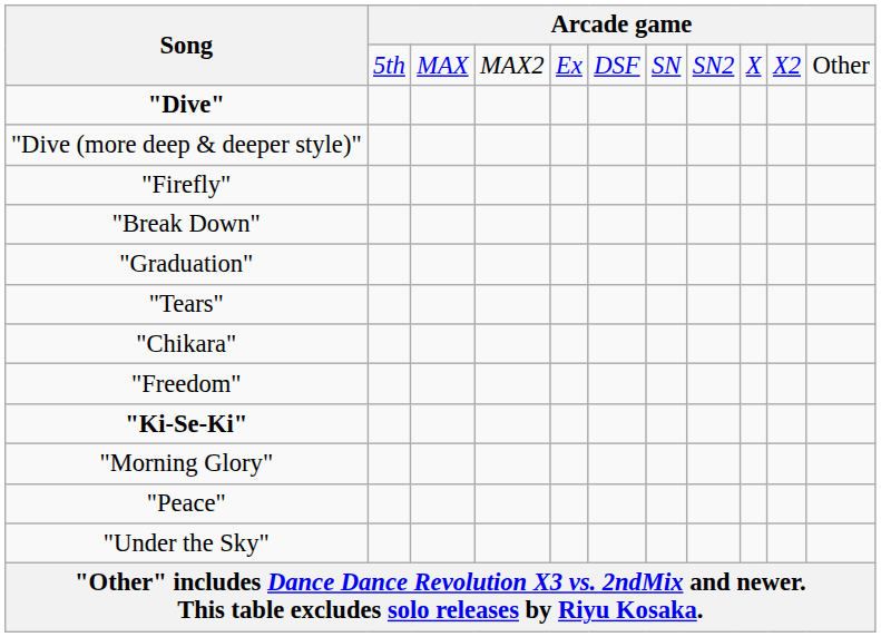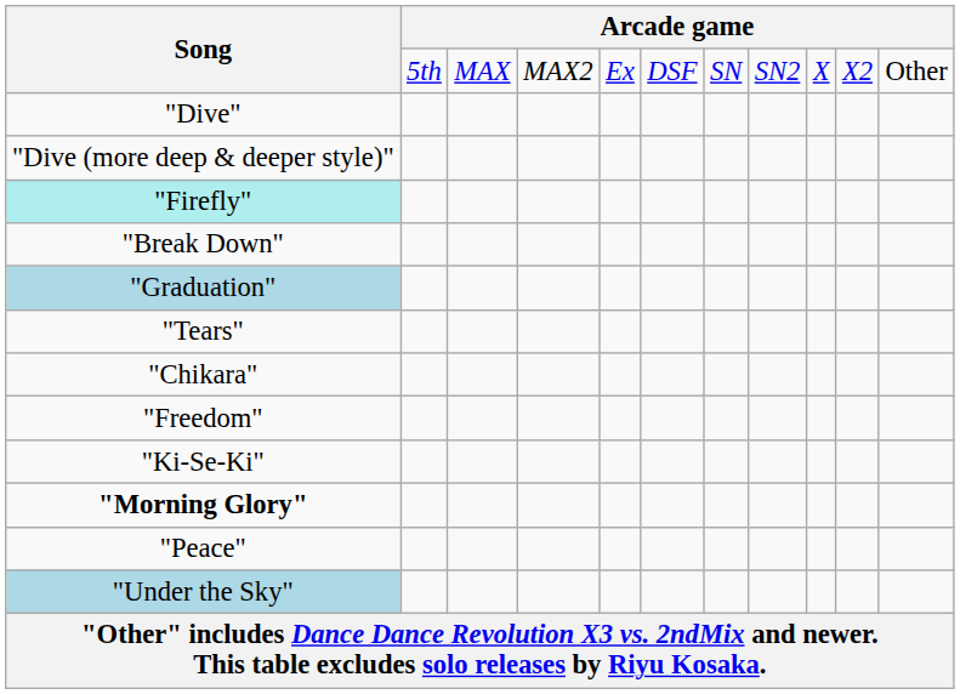 <table class="wikitable" style="text-align:center">
 <tr>
 <th rowspan="2">Song</th>
 <th colspan="15">Arcade game</th>
 </tr>
 <tr>
 <td><em><a href='#'>5th</a></em></td>
 <td><em><a href='#'>MAX</a></em></td>
 <td><em>MAX2</em></td>
 <td><em><a href='#'>Ex</a></em></td>
 <td><em><a href='#'>DSF</a></em></td>
 <td><em><a href='#'>SN</a></em></td>
 <td><em><a href='#'>SN2</a></em></td>
 <td><em><a href='#'>X</a></em></td>
 <td><em><a href='#'>X2</a></em></td>
 <td>Other</td>
 </tr>
 <tr>
-<td><strong>"Dive"</strong></td>
+<td>"Dive"</td>
 <td></td>
 <td></td>
 <td></td>
 <td></td>
 <td></td>
 <td></td>
 <td></td>
 <td></td>
 <td></td>
 <td></td>
 </tr>
 <tr>
 <td>"Dive (more deep & deeper style)"</td>
 <td></td>
 <td></td>
 <td></td>
 <td></td>
 <td></td>
 <td></td>
 <td></td>
 <td></td>
 <td></td>
 <td></td>
 </tr>
 <tr>
-<td>"Firefly"</td>
+<td style="background: paleturquoise;">"Firefly"</td>
 <td></td>
 <td></td>
 <td></td>
 <td></td>
 <td></td>
 <td></td>
 <td></td>
 <td></td>
 <td></td>
 <td></td>
 </tr>
 <tr>
 <td>"Break Down"</td>
 <td></td>
 <td></td>
 <td></td>
 <td></td>
 <td></td>
 <td></td>
 <td></td>
 <td></td>
 <td></td>
 <td></td>
 </tr>
 <tr>
-<td>"Graduation"</td>
+<td style="background: lightblue;">"Graduation"</td>
 <td></td>
 <td></td>
 <td></td>
 <td></td>
 <td></td>
 <td></td>
 <td></td>
 <td></td>
 <td></td>
 <td></td>
 </tr>
 <tr>
 <td>"Tears" </td>
 <td></td>
 <td></td>
 <td></td>
 <td></td>
 <td></td>
 <td></td>
 <td></td>
 <td></td>
 <td></td>
 <td></td>
 </tr>
 <tr>
 <td>"Chikara"</td>
 <td></td>
 <td></td>
 <td></td>
 <td></td>
 <td></td>
 <td></td>
 <td></td>
 <td></td>
 <td></td>
 <td></td>
 </tr>
 <tr>
 <td>"Freedom"</td>
 <td></td>
 <td></td>
 <td></td>
 <td></td>
 <td></td>
 <td></td>
 <td></td>
 <td></td>
 <td></td>
 <td></td>
 </tr>
 <tr>
-<td><strong>"Ki-Se-Ki"</strong></td>
+<td>"Ki-Se-Ki"</td>
 <td></td>
 <td></td>
 <td></td>
 <td></td>
 <td></td>
 <td></td>
 <td></td>
 <td></td>
 <td></td>
 <td></td>
 </tr>
 <tr>
-<td>"Morning Glory"</td>
+<td><strong>"Morning Glory"</strong></td>
 <td></td>
 <td></td>
 <td></td>
 <td></td>
 <td></td>
 <td></td>
 <td></td>
 <td></td>
 <td></td>
 <td></td>
 </tr>
 <tr>
 <td>"Peace"</td>
 <td></td>
 <td></td>
 <td></td>
 <td></td>
 <td></td>
 <td></td>
 <td></td>
 <td></td>
 <td></td>
 <td></td>
 </tr>
 <tr>
-<td>"Under the Sky" </td>
+<td style="background: lightblue;">"Under the Sky" </td>
 <td></td>
 <td></td>
 <td></td>
 <td></td>
 <td></td>
 <td></td>
 <td></td>
 <td></td>
 <td></td>
 <td></td>
 </tr>
 <tr>
 <th colspan="16">"Other" includes <em><a href='#'>Dance Dance Revolution X3 vs. 2ndMix</a></em> and newer.<br>This table excludes <a href='#'>solo releases</a> by <a href='#'>Riyu Kosaka</a>.</th>
 </tr>
 </table>
